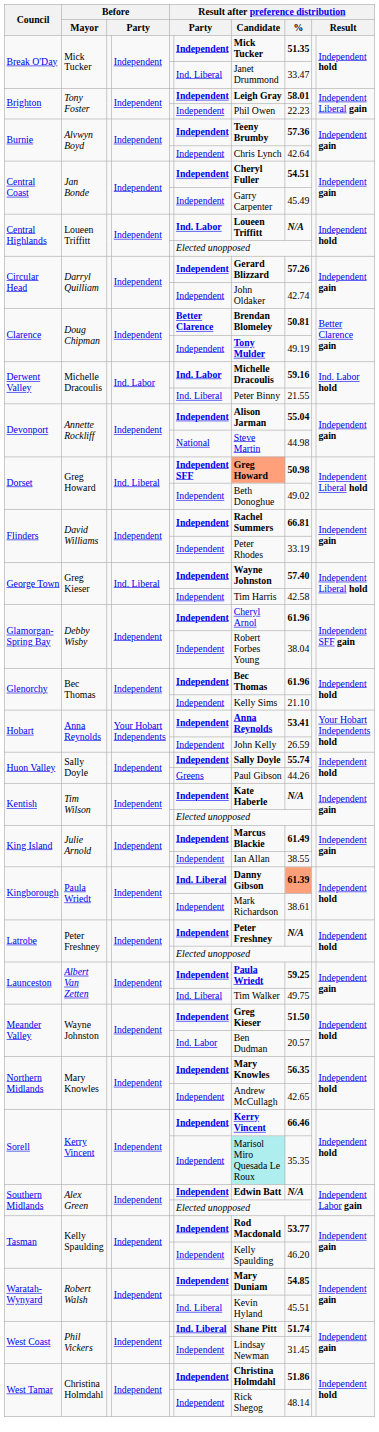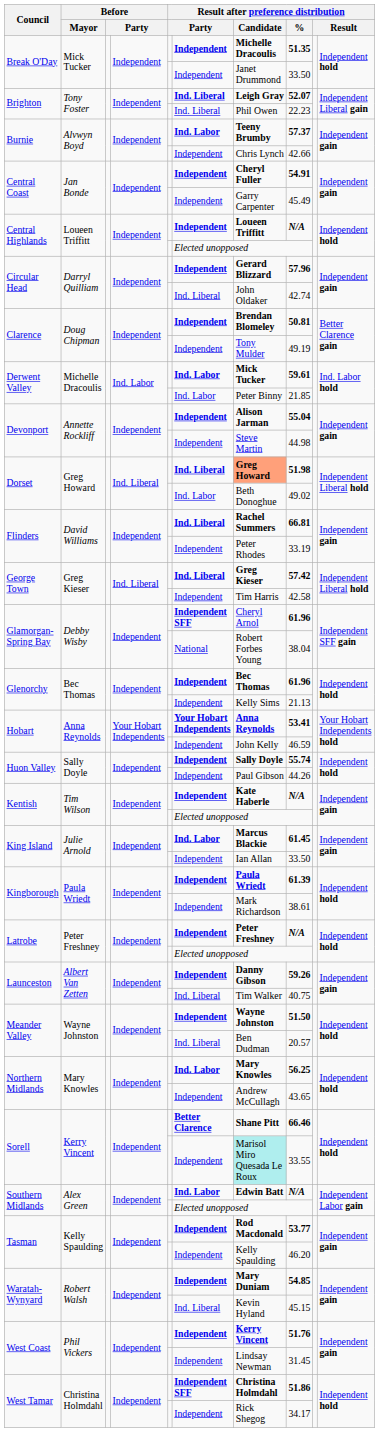 <table class="wikitable sortable" style="border: none;">
 <tr>
 <th rowspan="2">Council</th>
 <th colspan="3">Before</th>
 <th colspan="8">Result after <a href='#'>preference distribution</a></th>
 </tr>
 <tr>
 <th>Mayor</th>
 <th colspan="2">Party</th>
 <th colspan="2">Party</th>
 <th>Candidate</th>
 <th>%</th>
 <th colspan="2">Result</th>
 </tr>
 <tr>
 <td rowspan="2"><a href='#'>Break O'Day</a></td>
 <td rowspan="2">Mick Tucker</td>
 <td rowspan="2" ></td>
 <td rowspan="2"><a href='#'>Independent</a></td>
 <td></td>
 <td><strong><a href='#'>Independent</a></strong></td>
-<td><strong>Mick Tucker</strong></td>
+<td><strong>Michelle Dracoulis</strong></td>
 <td><strong>51.35</strong></td>
 <td rowspan="2" ></td>
 <td rowspan="2"><a href='#'>Independent</a> <strong>hold</strong></td>
 </tr>
 <tr>
 <td></td>
-<td><a href='#'>Ind. Liberal</a></td>
+<td><a href='#'>Independent</a></td>
 <td>Janet Drummond</td>
-<td>33.47</td>
+<td>33.50</td>
 </tr>
 <tr>
 <td rowspan="2"><a href='#'>Brighton</a></td>
 <td rowspan="2"><em>Tony Foster</em></td>
 <td rowspan="2" ></td>
 <td rowspan="2"><a href='#'>Independent</a></td>
 <td></td>
-<td><strong><a href='#'>Independent</a></strong></td>
+<td><strong><a href='#'>Ind. Liberal</a></strong></td>
 <td><strong>Leigh Gray</strong></td>
-<td><strong>58.01</strong></td>
+<td><strong>52.07</strong></td>
 <td rowspan="2" ></td>
 <td rowspan="2"><a href='#'>Independent Liberal</a> <strong>gain</strong></td>
 </tr>
 <tr>
 <td></td>
-<td><a href='#'>Independent</a></td>
+<td><a href='#'>Ind. Liberal</a></td>
 <td>Phil Owen</td>
 <td>22.23</td>
 </tr>
 <tr>
 <td rowspan="2"><a href='#'>Burnie</a></td>
 <td rowspan="2"><em>Alvwyn Boyd</em></td>
 <td rowspan="2" ></td>
 <td rowspan="2"><a href='#'>Independent</a></td>
 <td></td>
-<td><strong><a href='#'>Independent</a></strong></td>
+<td><strong><a href='#'>Ind. Labor</a></strong></td>
 <td><strong>Teeny Brumby</strong></td>
-<td><strong>57.36</strong></td>
+<td><strong>57.37</strong></td>
 <td rowspan="2" ></td>
 <td rowspan="2"><a href='#'>Independent</a> <strong>gain</strong></td>
 </tr>
 <tr>
 <td></td>
 <td><a href='#'>Independent</a></td>
 <td>Chris Lynch</td>
-<td>42.64</td>
+<td>42.66</td>
 </tr>
 <tr>
 <td rowspan="2"><a href='#'>Central Coast</a></td>
 <td rowspan="2"><em>Jan Bonde</em></td>
 <td rowspan="2" ></td>
 <td rowspan="2"><a href='#'>Independent</a></td>
 <td></td>
 <td><strong><a href='#'>Independent</a></strong></td>
 <td><strong>Cheryl Fuller</strong></td>
-<td><strong>54.51</strong></td>
+<td><strong>54.91</strong></td>
 <td rowspan="2" ></td>
 <td rowspan="2"><a href='#'>Independent</a> <strong>gain</strong></td>
 </tr>
 <tr>
 <td></td>
 <td><a href='#'>Independent</a></td>
 <td>Garry Carpenter</td>
 <td>45.49</td>
 </tr>
 <tr>
 <td rowspan="2"><a href='#'>Central Highlands</a></td>
 <td rowspan="2">Loueen Triffitt</td>
 <td rowspan="2" ></td>
 <td rowspan="2"><a href='#'>Independent</a></td>
 <td></td>
-<td><strong><a href='#'>Ind. Labor</a></strong></td>
+<td><strong><a href='#'>Independent</a></strong></td>
 <td><strong>Loueen Triffitt</strong></td>
 <td><strong><em>N/A</em></strong></td>
 <td rowspan="2" ></td>
 <td rowspan="2"><a href='#'>Independent</a> <strong>hold</strong></td>
 </tr>
 <tr>
 <td></td>
 <td colspan="3"><em>Elected unopposed</em></td>
 </tr>
 <tr>
 <td rowspan="2"><a href='#'>Circular Head</a></td>
 <td rowspan="2"><em>Darryl Quilliam</em></td>
 <td rowspan="2" ></td>
 <td rowspan="2"><a href='#'>Independent</a></td>
 <td></td>
 <td><strong><a href='#'>Independent</a></strong></td>
 <td><strong>Gerard Blizzard</strong></td>
-<td><strong>57.26</strong></td>
+<td><strong>57.96</strong></td>
 <td rowspan="2" ></td>
 <td rowspan="2"><a href='#'>Independent</a> <strong>gain</strong></td>
 </tr>
 <tr>
 <td></td>
-<td><a href='#'>Independent</a></td>
+<td><a href='#'>Ind. Liberal</a></td>
 <td>John Oldaker</td>
 <td>42.74</td>
 </tr>
 <tr>
 <td rowspan="2"><a href='#'>Clarence</a></td>
 <td rowspan="2"><em>Doug Chipman</em></td>
 <td rowspan="2" ></td>
 <td rowspan="2"><a href='#'>Independent</a></td>
 <td></td>
-<td><strong><a href='#'>Better Clarence</a></strong></td>
+<td><strong><a href='#'>Independent</a></strong></td>
 <td><strong>Brendan Blomeley</strong></td>
 <td><strong>50.81</strong></td>
 <td rowspan="2" ></td>
 <td rowspan="2"><a href='#'>Better Clarence</a> <strong>gain</strong></td>
 </tr>
 <tr>
 <td></td>
 <td><a href='#'>Independent</a></td>
-<td><strong><a href='#'>Tony Mulder</a></strong></td>
+<td><a href='#'>Tony Mulder</a></td>
 <td>49.19</td>
 </tr>
 <tr>
 <td rowspan="2"><a href='#'>Derwent Valley</a></td>
 <td rowspan="2">Michelle Dracoulis</td>
 <td rowspan="2" ></td>
 <td rowspan="2"><a href='#'>Ind. Labor</a></td>
 <td></td>
 <td><strong><a href='#'>Ind. Labor</a></strong></td>
-<td><strong>Michelle Dracoulis</strong></td>
-<td><strong>59.16</strong></td>
+<td><strong>Mick Tucker</strong></td>
+<td><strong>59.61</strong></td>
 <td rowspan="2" ></td>
 <td rowspan="2"><a href='#'>Ind. Labor</a> <strong>hold</strong></td>
 </tr>
 <tr>
 <td></td>
-<td><a href='#'>Ind. Liberal</a></td>
+<td><a href='#'>Ind. Labor</a></td>
 <td>Peter Binny</td>
-<td>21.55</td>
+<td>21.85</td>
 </tr>
 <tr>
 <td rowspan="2"><a href='#'>Devonport</a></td>
 <td rowspan="2"><em>Annette Rockliff</em></td>
 <td rowspan="2" ></td>
 <td rowspan="2"><a href='#'>Independent</a></td>
 <td></td>
 <td><strong><a href='#'>Independent</a></strong></td>
 <td><strong>Alison Jarman</strong></td>
 <td><strong>55.04</strong></td>
 <td rowspan="2" ></td>
 <td rowspan="2"><a href='#'>Independent</a> <strong>gain</strong></td>
 </tr>
 <tr>
 <td></td>
-<td><a href='#'>National</a></td>
+<td><a href='#'>Independent</a></td>
 <td><a href='#'>Steve Martin</a></td>
 <td>44.98</td>
 </tr>
 <tr>
 <td rowspan="2"><a href='#'>Dorset</a></td>
 <td rowspan="2">Greg Howard</td>
 <td rowspan="2" ></td>
 <td rowspan="2"><a href='#'>Ind. Liberal</a></td>
 <td></td>
-<td><strong><a href='#'>Independent SFF</a></strong></td>
+<td><strong><a href='#'>Ind. Liberal</a></strong></td>
 <td style="background: lightsalmon;"><strong>Greg Howard</strong></td>
-<td><strong>50.98</strong></td>
+<td><strong>51.98</strong></td>
 <td rowspan="2" ></td>
 <td rowspan="2"><a href='#'>Independent Liberal</a> <strong>hold</strong></td>
 </tr>
 <tr>
 <td></td>
-<td><a href='#'>Independent</a></td>
+<td><a href='#'>Ind. Labor</a></td>
 <td>Beth Donoghue</td>
 <td>49.02</td>
 </tr>
 <tr>
 <td rowspan="2"><a href='#'>Flinders</a></td>
 <td rowspan="2"><em>David Williams</em></td>
 <td rowspan="2" ></td>
 <td rowspan="2"><a href='#'>Independent</a></td>
 <td></td>
-<td><strong><a href='#'>Independent</a></strong></td>
+<td><strong><a href='#'>Ind. Liberal</a></strong></td>
 <td><strong>Rachel Summers</strong></td>
 <td><strong>66.81</strong></td>
 <td rowspan="2" ></td>
 <td rowspan="2"><a href='#'>Independent</a> <strong>gain</strong></td>
 </tr>
 <tr>
 <td></td>
 <td><a href='#'>Independent</a></td>
 <td>Peter Rhodes</td>
 <td>33.19</td>
 </tr>
 <tr>
 <td rowspan="2"><a href='#'>George Town</a></td>
 <td rowspan="2">Greg Kieser</td>
 <td rowspan="2" ></td>
 <td rowspan="2"><a href='#'>Ind. Liberal</a></td>
 <td></td>
-<td><strong><a href='#'>Independent</a></strong></td>
-<td><strong>Wayne Johnston</strong></td>
-<td><strong>57.40</strong></td>
+<td><strong><a href='#'>Ind. Liberal</a></strong></td>
+<td><strong>Greg Kieser</strong></td>
+<td><strong>57.42</strong></td>
 <td rowspan="2" ></td>
 <td rowspan="2"><a href='#'>Independent Liberal</a> <strong>hold</strong></td>
 </tr>
 <tr>
 <td></td>
 <td><a href='#'>Independent</a></td>
 <td>Tim Harris</td>
 <td>42.58</td>
 </tr>
 <tr>
 <td rowspan="2"><a href='#'>Glamorgan-Spring Bay</a></td>
 <td rowspan="2"><em>Debby Wisby</em></td>
 <td rowspan="2" ></td>
 <td rowspan="2"><a href='#'>Independent</a></td>
 <td></td>
-<td><strong><a href='#'>Independent</a></strong></td>
+<td><strong><a href='#'>Independent SFF</a></strong></td>
 <td><a href='#'>Cheryl Arnol</a></td>
 <td><strong>61.96</strong></td>
 <td rowspan="2" ></td>
 <td rowspan="2"><a href='#'>Independent SFF</a> <strong>gain</strong></td>
 </tr>
 <tr>
 <td></td>
-<td><a href='#'>Independent</a></td>
+<td><a href='#'>National</a></td>
 <td>Robert Forbes Young</td>
 <td>38.04</td>
 </tr>
 <tr>
 <td rowspan="2"><a href='#'>Glenorchy</a></td>
 <td rowspan="2">Bec Thomas</td>
 <td rowspan="2" ></td>
 <td rowspan="2"><a href='#'>Independent</a></td>
 <td></td>
 <td><strong><a href='#'>Independent</a></strong></td>
 <td><strong>Bec Thomas</strong></td>
 <td><strong>61.96</strong></td>
 <td rowspan="2" ></td>
 <td rowspan="2"><a href='#'>Independent</a> <strong>hold</strong></td>
 </tr>
 <tr>
 <td></td>
 <td><a href='#'>Independent</a></td>
 <td>Kelly Sims</td>
-<td>21.10</td>
+<td>21.13</td>
 </tr>
 <tr>
 <td rowspan="2"><a href='#'>Hobart</a></td>
 <td rowspan="2"><a href='#'>Anna Reynolds</a></td>
 <td rowspan="2" ></td>
 <td rowspan="2"><a href='#'>Your Hobart Independents</a></td>
 <td></td>
-<td><strong><a href='#'>Independent</a></strong></td>
+<td><strong><a href='#'>Your Hobart Independents</a></strong></td>
 <td><strong><a href='#'>Anna Reynolds</a></strong></td>
 <td><strong>53.41</strong></td>
 <td rowspan="2" ></td>
 <td rowspan="2"><a href='#'>Your Hobart Independents</a> <strong>hold</strong></td>
 </tr>
 <tr>
 <td></td>
 <td><a href='#'>Independent</a></td>
 <td>John Kelly</td>
-<td>26.59</td>
+<td>46.59</td>
 </tr>
 <tr>
 <td rowspan="2"><a href='#'>Huon Valley</a></td>
 <td rowspan="2">Sally Doyle</td>
 <td rowspan="2" ></td>
 <td rowspan="2"><a href='#'>Independent</a></td>
 <td></td>
 <td><strong><a href='#'>Independent</a></strong></td>
 <td><strong>Sally Doyle</strong></td>
 <td><strong>55.74</strong></td>
 <td rowspan="2" ></td>
 <td rowspan="2"><a href='#'>Independent</a> <strong>hold</strong></td>
 </tr>
 <tr>
 <td></td>
-<td><a href='#'>Greens</a></td>
+<td><a href='#'>Independent</a></td>
 <td>Paul Gibson</td>
 <td>44.26</td>
 </tr>
 <tr>
 <td rowspan="2"><a href='#'>Kentish</a></td>
 <td rowspan="2"><em>Tim Wilson</em></td>
 <td rowspan="2" ></td>
 <td rowspan="2"><a href='#'>Independent</a></td>
 <td></td>
 <td><strong><a href='#'>Independent</a></strong></td>
 <td><strong>Kate Haberle</strong></td>
 <td><strong><em>N/A</em></strong></td>
 <td rowspan="2" ></td>
 <td rowspan="2"><a href='#'>Independent</a> <strong>gain</strong></td>
 </tr>
 <tr>
 <td></td>
 <td colspan="3"><em>Elected unopposed</em></td>
 </tr>
 <tr>
 <td rowspan="2"><a href='#'>King Island</a></td>
 <td rowspan="2"><em>Julie Arnold</em></td>
 <td rowspan="2" ></td>
 <td rowspan="2"><a href='#'>Independent</a></td>
 <td></td>
-<td><strong><a href='#'>Independent</a></strong></td>
+<td><strong><a href='#'>Ind. Labor</a></strong></td>
 <td><strong>Marcus Blackie</strong></td>
-<td><strong>61.49</strong></td>
+<td><strong>61.45</strong></td>
 <td rowspan="2" ></td>
 <td rowspan="2"><a href='#'>Independent</a> <strong>gain</strong></td>
 </tr>
 <tr>
 <td></td>
 <td><a href='#'>Independent</a></td>
 <td>Ian Allan</td>
-<td>38.55</td>
+<td>33.50</td>
 </tr>
 <tr>
 <td rowspan="2"><a href='#'>Kingborough</a></td>
 <td rowspan="2"><a href='#'>Paula Wriedt</a></td>
 <td rowspan="2" ></td>
 <td rowspan="2"><a href='#'>Independent</a></td>
 <td></td>
-<td><strong><a href='#'>Ind. Liberal</a></strong></td>
-<td><strong>Danny Gibson</strong></td>
-<td style="background: lightsalmon;"><strong>61.39</strong></td>
+<td><strong><a href='#'>Independent</a></strong></td>
+<td><strong><a href='#'>Paula Wriedt</a></strong></td>
+<td><strong>61.39</strong></td>
 <td rowspan="2" ></td>
 <td rowspan="2"><a href='#'>Independent</a> <strong>hold</strong></td>
 </tr>
 <tr>
 <td></td>
 <td><a href='#'>Independent</a></td>
 <td>Mark Richardson</td>
 <td>38.61</td>
 </tr>
 <tr>
 <td rowspan="2"><a href='#'>Latrobe</a></td>
 <td rowspan="2">Peter Freshney</td>
 <td rowspan="2" ></td>
 <td rowspan="2"><a href='#'>Independent</a></td>
 <td></td>
 <td><strong><a href='#'>Independent</a></strong></td>
 <td><strong>Peter Freshney</strong></td>
 <td><strong><em>N/A</em></strong></td>
 <td rowspan="2" ></td>
 <td rowspan="2"><a href='#'>Independent</a> <strong>hold</strong></td>
 </tr>
 <tr>
 <td></td>
 <td colspan="3"><em>Elected unopposed</em></td>
 </tr>
 <tr>
 <td rowspan="2"><a href='#'>Launceston</a></td>
 <td rowspan="2"><em><a href='#'>Albert Van Zetten</a></em></td>
 <td rowspan="2" ></td>
 <td rowspan="2"><a href='#'>Independent</a></td>
 <td></td>
 <td><strong><a href='#'>Independent</a></strong></td>
-<td><strong><a href='#'>Paula Wriedt</a></strong></td>
-<td><strong>59.25</strong></td>
+<td><strong>Danny Gibson</strong></td>
+<td><strong>59.26</strong></td>
 <td rowspan="2" ></td>
 <td rowspan="2"><a href='#'>Independent</a> <strong>gain</strong></td>
 </tr>
 <tr>
 <td></td>
 <td><a href='#'>Ind. Liberal</a></td>
 <td>Tim Walker</td>
-<td>49.75</td>
+<td>40.75</td>
 </tr>
 <tr>
 <td rowspan="2"><a href='#'>Meander Valley</a></td>
 <td rowspan="2">Wayne Johnston</td>
 <td rowspan="2" ></td>
 <td rowspan="2"><a href='#'>Independent</a></td>
 <td></td>
 <td><strong><a href='#'>Independent</a></strong></td>
-<td><strong>Greg Kieser</strong></td>
+<td><strong>Wayne Johnston</strong></td>
 <td><strong>51.50</strong></td>
 <td rowspan="2" ></td>
 <td rowspan="2"><a href='#'>Independent</a> <strong>hold</strong></td>
 </tr>
 <tr>
 <td></td>
-<td><a href='#'>Ind. Labor</a></td>
+<td><a href='#'>Ind. Liberal</a></td>
 <td>Ben Dudman</td>
 <td>20.57</td>
 </tr>
 <tr>
 <td rowspan="2"><a href='#'>Northern Midlands</a></td>
 <td rowspan="2">Mary Knowles</td>
 <td rowspan="2" ></td>
 <td rowspan="2"><a href='#'>Independent</a></td>
 <td></td>
-<td><strong><a href='#'>Independent</a></strong></td>
+<td><strong><a href='#'>Ind. Labor</a></strong></td>
 <td><strong>Mary Knowles</strong></td>
-<td><strong>56.35</strong></td>
+<td><strong>56.25</strong></td>
 <td rowspan="2" ></td>
 <td rowspan="2"><a href='#'>Independent</a> <strong>hold</strong></td>
 </tr>
 <tr>
 <td></td>
 <td><a href='#'>Independent</a></td>
 <td>Andrew McCullagh</td>
-<td>42.65</td>
+<td>43.65</td>
 </tr>
 <tr>
 <td rowspan="2"><a href='#'>Sorell</a></td>
 <td rowspan="2"><a href='#'>Kerry Vincent</a></td>
 <td rowspan="2" ></td>
 <td rowspan="2"><a href='#'>Independent</a></td>
 <td></td>
-<td><strong><a href='#'>Independent</a></strong></td>
-<td><strong><a href='#'>Kerry Vincent</a></strong></td>
+<td><strong><a href='#'>Better Clarence</a></strong></td>
+<td><strong>Shane Pitt</strong></td>
 <td><strong>66.46</strong></td>
 <td rowspan="2" ></td>
 <td rowspan="2"><a href='#'>Independent</a> <strong>hold</strong></td>
 </tr>
 <tr>
 <td></td>
 <td><a href='#'>Independent</a></td>
 <td style="background: paleturquoise;">Marisol Miro Quesada Le Roux</td>
-<td>35.35</td>
+<td>33.55</td>
 </tr>
 <tr>
 <td rowspan="2"><a href='#'>Southern Midlands</a></td>
 <td rowspan="2"><em>Alex Green</em></td>
 <td rowspan="2" ></td>
 <td rowspan="2"><a href='#'>Independent</a></td>
 <td></td>
-<td><strong><a href='#'>Independent</a></strong></td>
+<td><strong><a href='#'>Ind. Labor</a></strong></td>
 <td><strong>Edwin Batt</strong></td>
 <td><strong><em>N/A</em></strong></td>
 <td rowspan="2" ></td>
 <td rowspan="2"><a href='#'>Independent Labor</a> <strong>gain</strong></td>
 </tr>
 <tr>
 <td></td>
 <td colspan="3"><em>Elected unopposed</em></td>
 </tr>
 <tr>
 <td rowspan="2"><a href='#'>Tasman</a></td>
 <td rowspan="2">Kelly Spaulding</td>
 <td rowspan="2" ></td>
 <td rowspan="2"><a href='#'>Independent</a></td>
 <td></td>
 <td><strong><a href='#'>Independent</a></strong></td>
 <td><strong>Rod Macdonald</strong></td>
 <td><strong>53.77</strong></td>
 <td rowspan="2" ></td>
 <td rowspan="2"><a href='#'>Independent</a> <strong>gain</strong></td>
 </tr>
 <tr>
 <td></td>
 <td><a href='#'>Independent</a></td>
 <td>Kelly Spaulding</td>
 <td>46.20</td>
 </tr>
 <tr>
 <td rowspan="2"><a href='#'>Waratah-Wynyard</a></td>
 <td rowspan="2"><em>Robert Walsh</em></td>
 <td rowspan="2" ></td>
 <td rowspan="2"><a href='#'>Independent</a></td>
 <td></td>
 <td><strong><a href='#'>Independent</a></strong></td>
 <td><strong>Mary Duniam</strong></td>
 <td><strong>54.85</strong></td>
 <td rowspan="2" ></td>
 <td rowspan="2"><a href='#'>Independent</a> <strong>gain</strong></td>
 </tr>
 <tr>
 <td></td>
 <td><a href='#'>Ind. Liberal</a></td>
 <td>Kevin Hyland</td>
-<td>45.51</td>
+<td>45.15</td>
 </tr>
 <tr>
 <td rowspan="2"><a href='#'>West Coast</a></td>
 <td rowspan="2"><em>Phil Vickers</em></td>
 <td rowspan="2" ></td>
 <td rowspan="2"><a href='#'>Independent</a></td>
 <td></td>
-<td><strong><a href='#'>Ind. Liberal</a></strong></td>
-<td><strong>Shane Pitt</strong></td>
-<td><strong>51.74</strong></td>
+<td><strong><a href='#'>Independent</a></strong></td>
+<td><strong><a href='#'>Kerry Vincent</a></strong></td>
+<td><strong>51.76</strong></td>
 <td rowspan="2" ></td>
 <td rowspan="2"><a href='#'>Independent</a> <strong>gain</strong></td>
 </tr>
 <tr>
 <td></td>
 <td><a href='#'>Independent</a></td>
 <td>Lindsay Newman</td>
 <td>31.45</td>
 </tr>
 <tr>
 <td rowspan="2"><a href='#'>West Tamar</a></td>
 <td rowspan="2">Christina Holmdahl</td>
 <td rowspan="2" ></td>
 <td rowspan="2"><a href='#'>Independent</a></td>
 <td></td>
-<td><strong><a href='#'>Independent</a></strong></td>
+<td><strong><a href='#'>Independent SFF</a></strong></td>
 <td><strong>Christina Holmdahl</strong></td>
 <td><strong>51.86</strong></td>
 <td rowspan="2" ></td>
 <td rowspan="2"><a href='#'>Independent</a> <strong>hold</strong></td>
 </tr>
 <tr>
 <td></td>
 <td><a href='#'>Independent</a></td>
 <td>Rick Shegog</td>
-<td>48.14</td>
+<td>34.17</td>
 </tr>
 </table>
